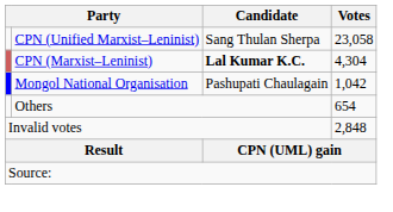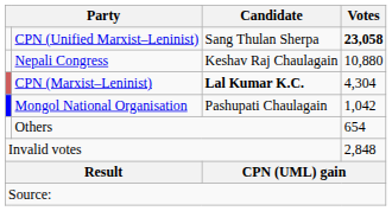 <table class="wikitable">
 <tr>
 <th colspan="2">Party</th>
 <th>Candidate</th>
 <th>Votes</th>
 </tr>
 <tr>
 <td style="background-color:"></td>
 <td><a href='#'>CPN (Unified Marxist–Leninist)</a></td>
 <td>Sang Thulan Sherpa</td>
-<td>23,058</td>
+<td><strong>23,058</strong></td>
+</tr>
+<tr>
+<td style="background-color:"></td>
+<td><a href='#'>Nepali Congress</a></td>
+<td>Keshav Raj Chaulagain</td>
+<td>10,880</td>
 </tr>
 <tr>
 <td style="background-color:indianred"></td>
 <td><a href='#'>CPN (Marxist–Leninist)</a></td>
 <td><strong>Lal Kumar K.C.</strong></td>
 <td>4,304</td>
 </tr>
 <tr>
 <td style="background-color:blue"></td>
 <td><a href='#'>Mongol National Organisation</a></td>
 <td>Pashupati Chaulagain</td>
 <td>1,042</td>
 </tr>
 <tr>
 <td></td>
 <td colspan="2">Others</td>
 <td>654</td>
 </tr>
 <tr>
 <td colspan="3">Invalid votes</td>
 <td>2,848</td>
 </tr>
 <tr>
 <th colspan="2">Result</th>
 <th colspan="2">CPN (UML) gain</th>
 </tr>
 <tr>
 <td colspan="4">Source: </td>
 </tr>
 </table>
